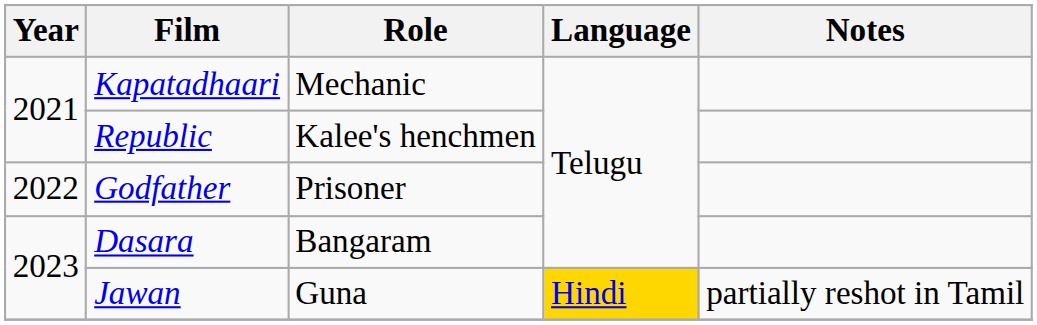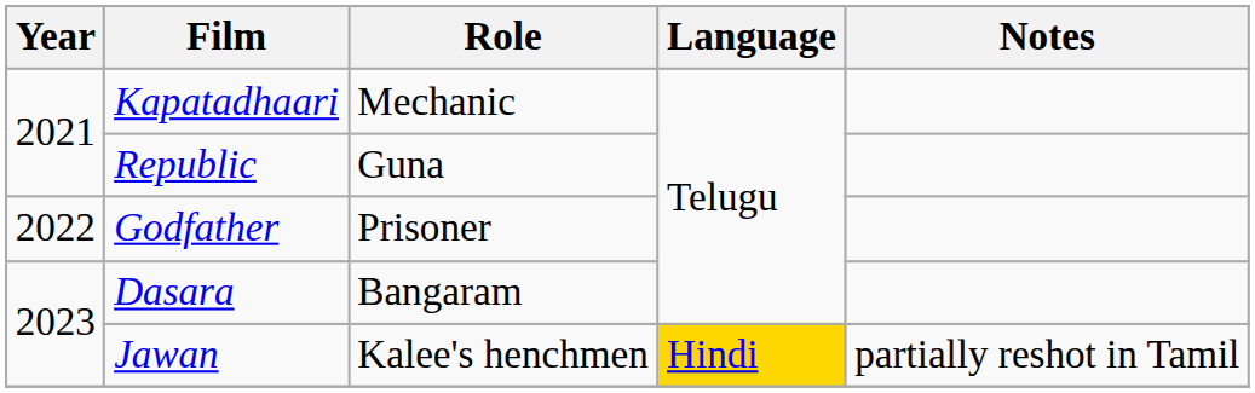 <table class="wikitable sortable">
 <tr>
 <th>Year</th>
 <th>Film</th>
 <th>Role</th>
 <th>Language</th>
 <th>Notes</th>
 </tr>
 <tr>
 <td rowspan="2">2021</td>
 <td><em><a href='#'>Kapatadhaari</a></em></td>
 <td>Mechanic</td>
 <td rowspan="4">Telugu</td>
 <td></td>
 </tr>
 <tr>
 <td><em><a href='#'>Republic</a></em></td>
-<td>Kalee's henchmen</td>
+<td>Guna</td>
 <td></td>
 </tr>
 <tr>
 <td>2022</td>
 <td><em><a href='#'>Godfather</a></em></td>
 <td>Prisoner</td>
 <td></td>
 </tr>
 <tr>
 <td rowspan="2">2023</td>
 <td><em><a href='#'>Dasara</a></em></td>
 <td>Bangaram</td>
 <td></td>
 </tr>
 <tr>
 <td><em><a href='#'>Jawan</a></em></td>
-<td>Guna</td>
+<td>Kalee's henchmen</td>
 <td style="background: gold;"><a href='#'>Hindi</a></td>
 <td>partially reshot in Tamil</td>
 </tr>
 <tr>
 </tr>
 </table>
